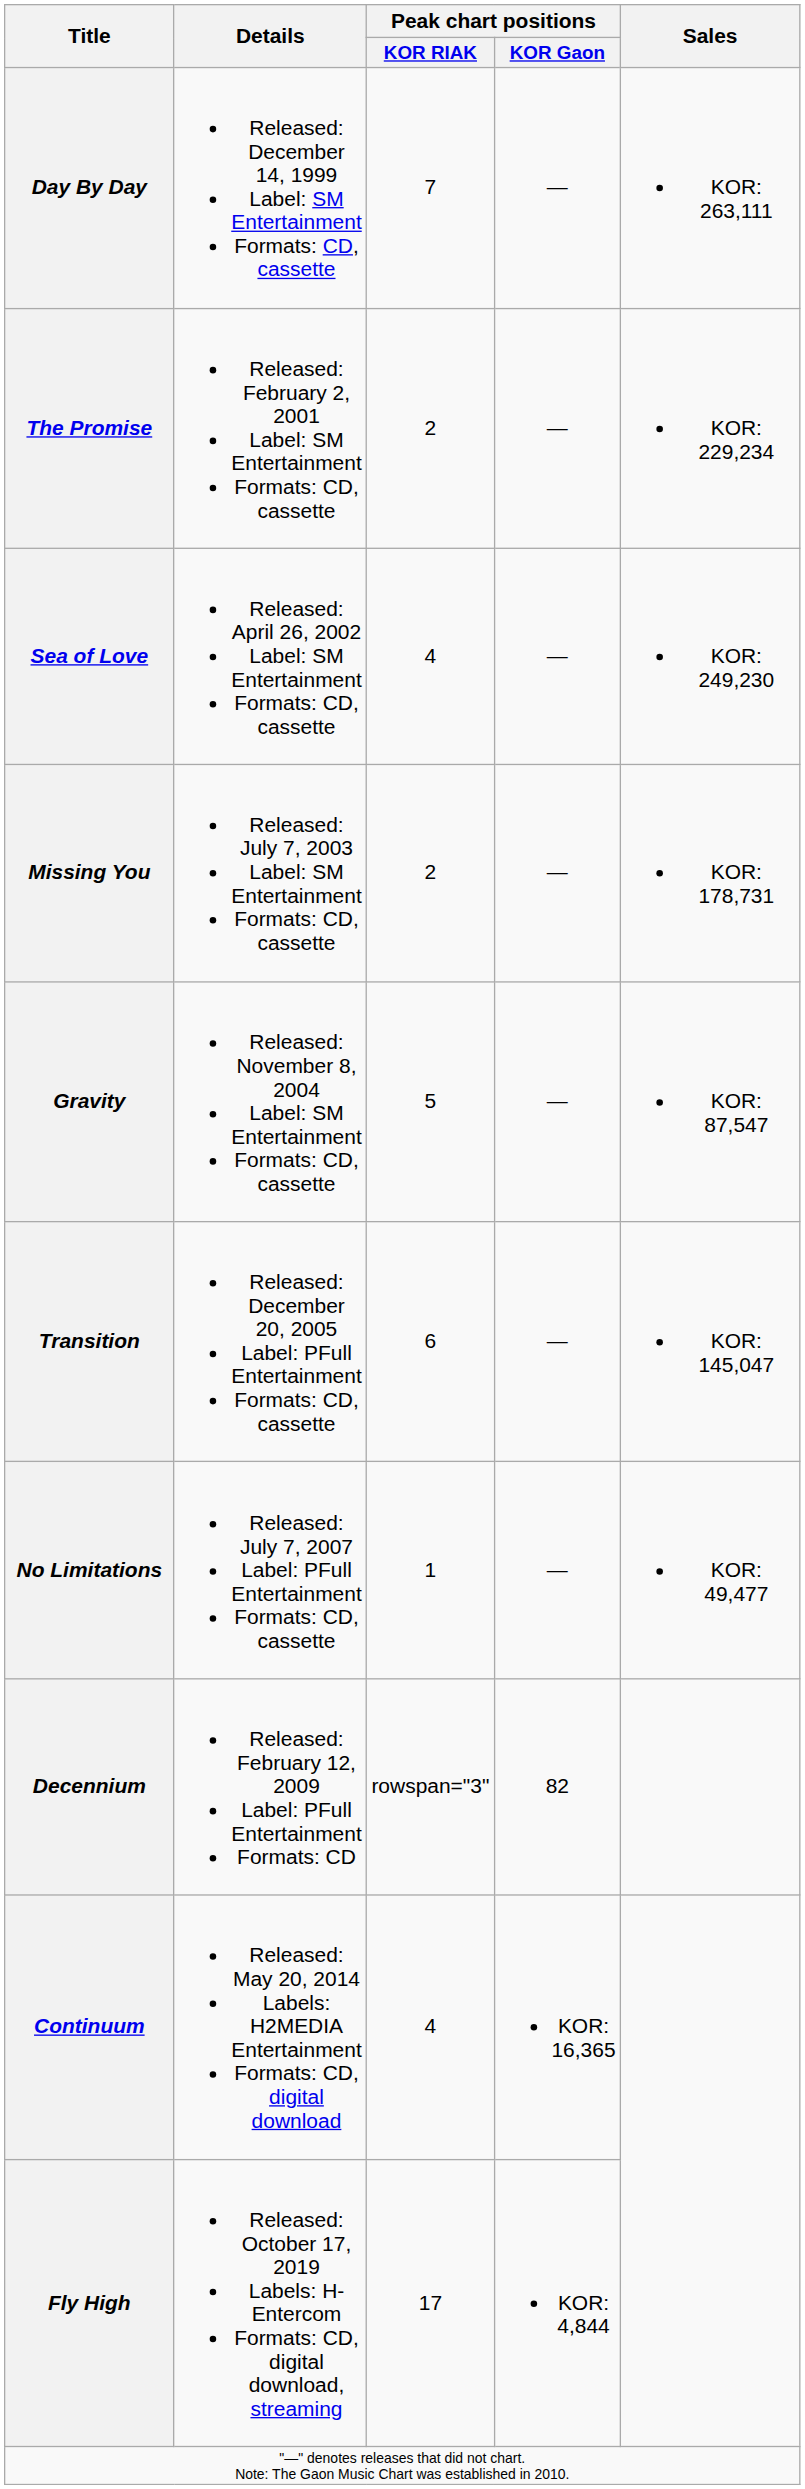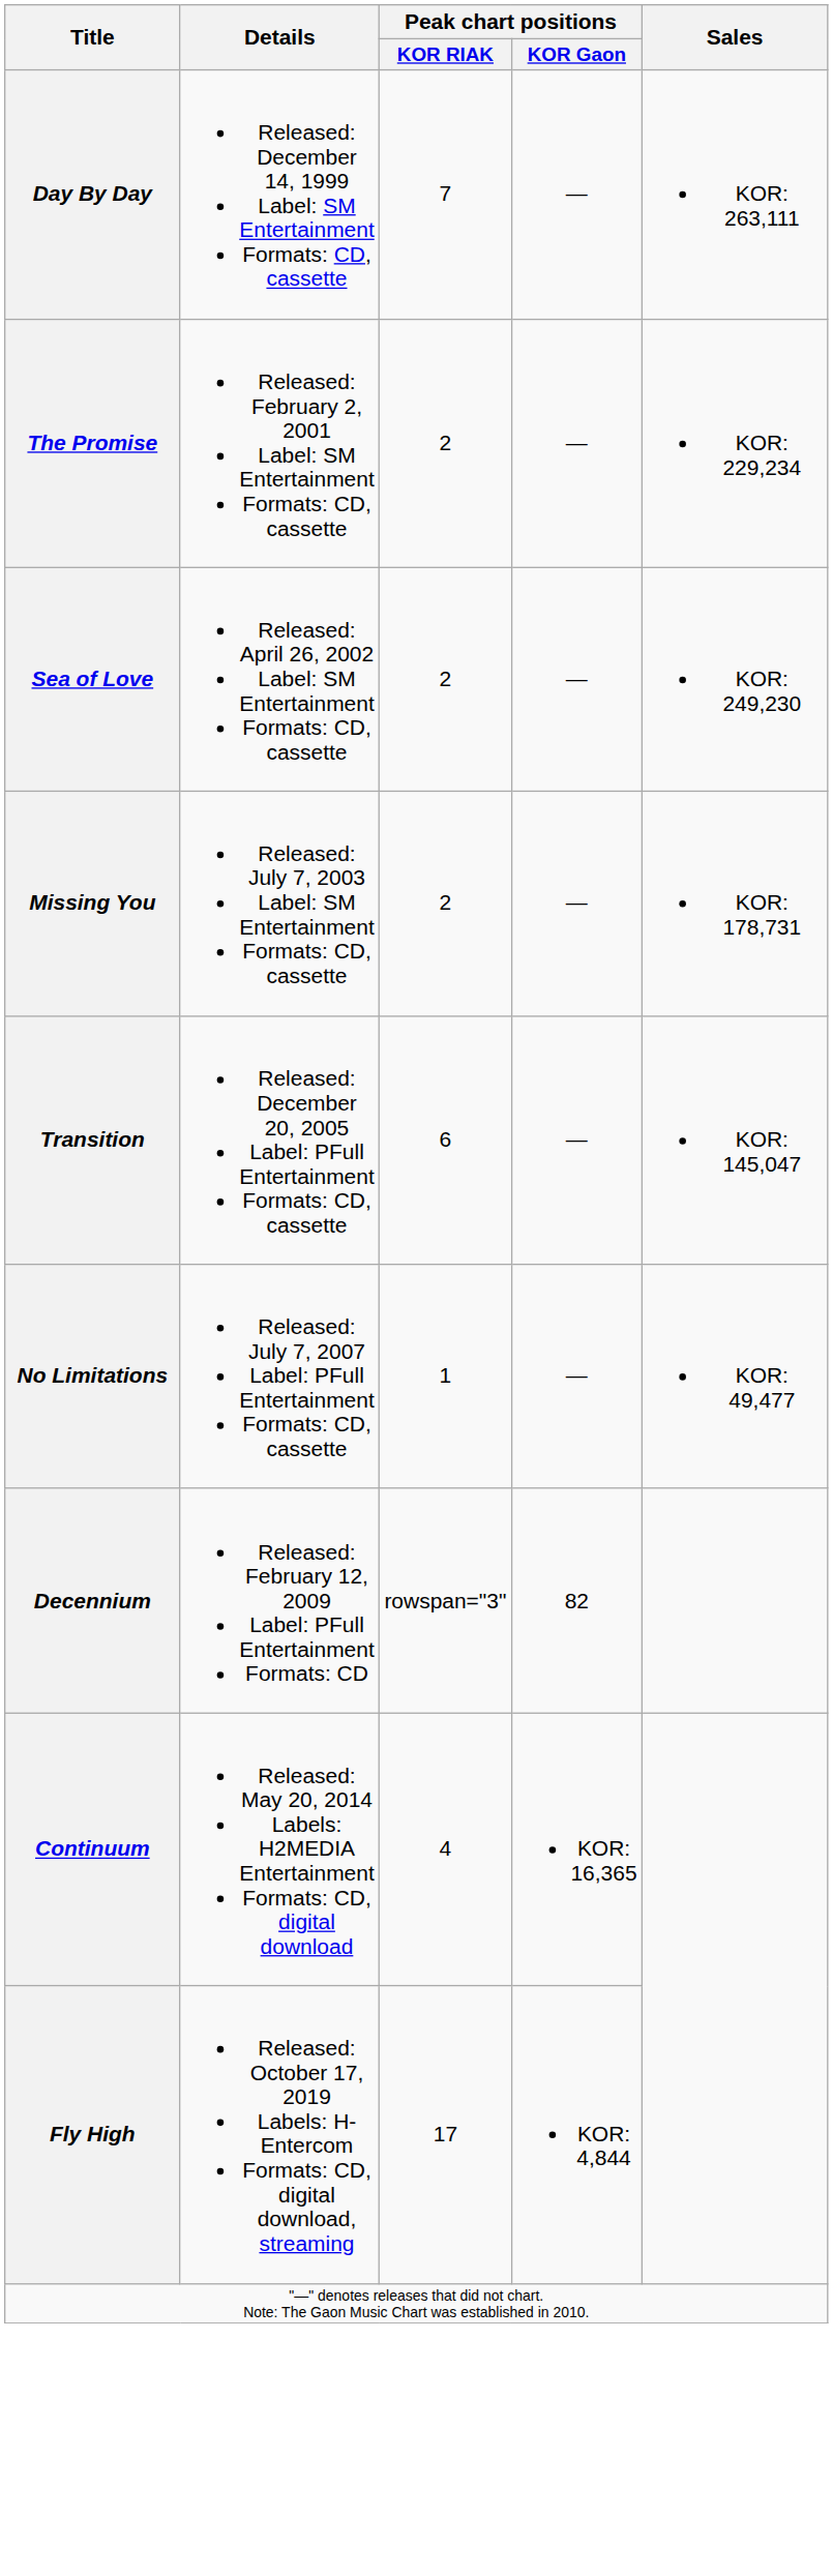 <table class="wikitable plainrowheaders" style="text-align:center;">
 <tr>
 <th scope="col" rowspan="2" style="width:12em;">Title</th>
 <th scope="col" rowspan="2">Details</th>
 <th colspan="2">Peak chart positions</th>
 <th scope="col" rowspan="2" style="width:12em;">Sales</th>
 </tr>
 <tr>
 <th style="width:3em;font-size:90%"><a href='#'>KOR RIAK</a><br></th>
 <th style="width:3em;font-size:90%"><a href='#'>KOR Gaon</a><br></th>
 </tr>
 <tr>
 <th scope="row"><em>Day By Day</em></th>
 <td><br><ul><li>Released: December 14, 1999 </li><li>Label: <a href='#'>SM Entertainment</a></li><li>Formats: <a href='#'>CD</a>, <a href='#'>cassette</a></li></ul></td>
 <td>7</td>
 <td>—</td>
 <td><br><ul><li>KOR: 263,111</li></ul></td>
 </tr>
 <tr>
 <th scope="row"><em><a href='#'>The Promise</a></em></th>
 <td><br><ul><li>Released: February 2, 2001 </li><li>Label: SM Entertainment</li><li>Formats: CD, cassette</li></ul></td>
 <td>2</td>
 <td>—</td>
 <td><br><ul><li>KOR: 229,234</li></ul></td>
 </tr>
 <tr>
 <th scope="row"><em><a href='#'>Sea of Love</a></em></th>
 <td><br><ul><li>Released: April 26, 2002 </li><li>Label: SM Entertainment</li><li>Formats: CD, cassette</li></ul></td>
-<td>4</td>
+<td>2</td>
 <td>—</td>
 <td><br><ul><li>KOR: 249,230</li></ul></td>
 </tr>
 <tr>
 <th scope="row"><em>Missing You</em></th>
 <td><br><ul><li>Released: July 7, 2003 </li><li>Label: SM Entertainment</li><li>Formats: CD, cassette</li></ul></td>
 <td>2</td>
 <td>—</td>
 <td><br><ul><li>KOR: 178,731</li></ul></td>
-</tr>
-<tr>
-<th scope="row"><em>Gravity</em></th>
-<td><br><ul><li>Released: November 8, 2004 </li><li>Label: SM Entertainment</li><li>Formats: CD, cassette</li></ul></td>
-<td>5</td>
-<td>—</td>
-<td><br><ul><li>KOR: 87,547</li></ul></td>
 </tr>
 <tr>
 <th scope="row"><em>Transition</em></th>
 <td><br><ul><li>Released: December 20, 2005 </li><li>Label: PFull Entertainment</li><li>Formats: CD, cassette</li></ul></td>
 <td>6</td>
 <td>—</td>
 <td><br><ul><li>KOR: 145,047</li></ul></td>
 </tr>
 <tr>
 <th scope="row"><em>No Limitations</em></th>
 <td><br><ul><li>Released: July 7, 2007 </li><li>Label: PFull Entertainment</li><li>Formats: CD, cassette</li></ul></td>
 <td>1</td>
 <td>—</td>
 <td><br><ul><li>KOR: 49,477</li></ul></td>
 </tr>
 <tr>
 <th scope="row"><em>Decennium</em></th>
 <td><br><ul><li>Released: February 12, 2009 </li><li>Label: PFull Entertainment</li><li>Formats: CD</li></ul></td>
 <td>rowspan="3" </td>
 <td>82</td>
 <td></td>
 </tr>
 <tr>
 <th scope="row"><em><a href='#'>Continuum</a></em></th>
 <td><br><ul><li>Released: May 20, 2014 </li><li>Labels: H2MEDIA Entertainment</li><li>Formats: CD, <a href='#'>digital download</a></li></ul></td>
 <td>4</td>
 <td><br><ul><li>KOR: 16,365</li></ul></td>
 </tr>
 <tr>
 <th scope="row"><em>Fly High</em></th>
 <td><br><ul><li>Released: October 17, 2019 </li><li>Labels: H-Entercom</li><li>Formats: CD, digital download, <a href='#'>streaming</a></li></ul></td>
 <td>17</td>
 <td><br><ul><li>KOR: 4,844</li></ul></td>
 </tr>
 <tr>
 <td colspan="5" style="font-size:8pt;">"—" denotes releases that did not chart.<br>Note: The Gaon Music Chart was established in 2010.</td>
 </tr>
 </table>
